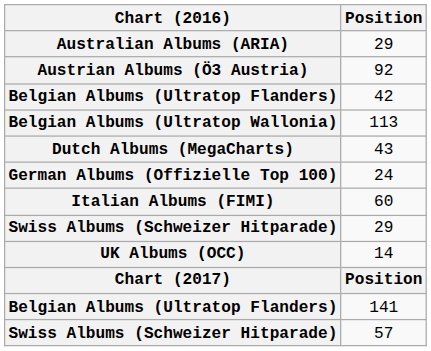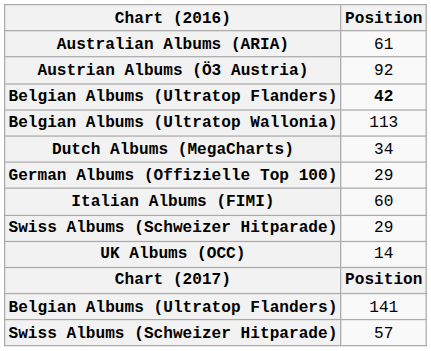 <table class="wikitable sortable plainrowheaders" style="text-align:center">
 <tr>
 <th scope="col">Chart (2016)</th>
 <th scope="col">Position</th>
 </tr>
 <tr>
 <th scope="row">Australian Albums (ARIA)</th>
-<td>29</td>
+<td>61</td>
 </tr>
 <tr>
 <th scope="row">Austrian Albums (Ö3 Austria)</th>
 <td>92</td>
 </tr>
 <tr>
 <th scope="row">Belgian Albums (Ultratop Flanders)</th>
-<td>42</td>
+<td><strong>42</strong></td>
 </tr>
 <tr>
 <th scope="row">Belgian Albums (Ultratop Wallonia)</th>
 <td>113</td>
 </tr>
 <tr>
 <th scope="row">Dutch Albums (MegaCharts)</th>
-<td>43</td>
+<td>34</td>
 </tr>
 <tr>
 <th scope="row">German Albums (Offizielle Top 100)</th>
-<td>24</td>
+<td>29</td>
 </tr>
 <tr>
 <th scope="row">Italian Albums (FIMI)</th>
 <td>60</td>
 </tr>
 <tr>
 <th scope="row">Swiss Albums (Schweizer Hitparade)</th>
 <td>29</td>
 </tr>
 <tr>
 <th scope="row">UK Albums (OCC)</th>
 <td>14</td>
 </tr>
 <tr>
 <th scope="col">Chart (2017)</th>
 <th scope="col">Position</th>
 </tr>
 <tr>
 <th scope="row">Belgian Albums (Ultratop Flanders)</th>
 <td>141</td>
 </tr>
 <tr>
 <th scope="row">Swiss Albums (Schweizer Hitparade)</th>
 <td>57</td>
 </tr>
 </table>
